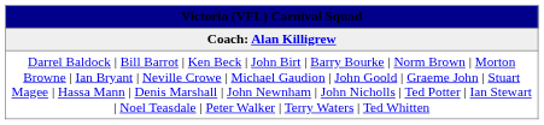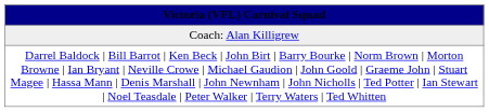 <table border="1" cellpadding="4" cellspacing="0" style="text-align:center; font-size:100%; border-collapse:collapse;" width=50%>
 <tr style="background:darkblue;">
 <th colspan=2><span>Victoria (VFL) Carnival Squad</span></th>
 </tr>
 <tr bgcolor="#efefef">
-<td><strong>Coach: <a href='#'>Alan Killigrew</a></strong></td>
+<td>Coach: <a href='#'>Alan Killigrew</a></td>
 </tr>
 <tr>
 <td Captain: ><a href='#'>Darrel Baldock</a> | <a href='#'>Bill Barrot</a> | <a href='#'>Ken Beck</a> | <a href='#'>John Birt</a> | <a href='#'>Barry Bourke</a> | <a href='#'>Norm Brown</a> | <a href='#'>Morton Browne</a> | <a href='#'>Ian Bryant</a> | <a href='#'>Neville Crowe</a> | <a href='#'>Michael Gaudion</a> | <a href='#'>John Goold</a> | <a href='#'>Graeme John</a> | <a href='#'>Stuart Magee</a> | <a href='#'>Hassa Mann</a> | <a href='#'>Denis Marshall</a> | <a href='#'>John Newnham</a> | <a href='#'>John Nicholls</a> | <a href='#'>Ted Potter</a> | <a href='#'>Ian Stewart</a> | <a href='#'>Noel Teasdale</a> | <a href='#'>Peter Walker</a> | <a href='#'>Terry Waters</a> | <a href='#'>Ted Whitten</a></td>
 </tr>
 </table>
